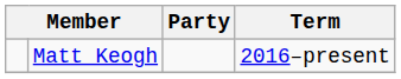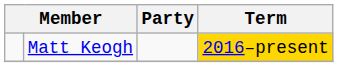 <table class="wikitable">
 <tr>
 <th colspan="2">Member</th>
 <th>Party</th>
 <th>Term</th>
 </tr>
 <tr>
 <td> </td>
 <td><a href='#'>Matt Keogh</a></td>
 <td></td>
-<td><a href='#'>2016</a>–present</td>
+<td style="background: gold;"><a href='#'>2016</a>–present</td>
 </tr>
 <tr>
 </tr>
 </table>
